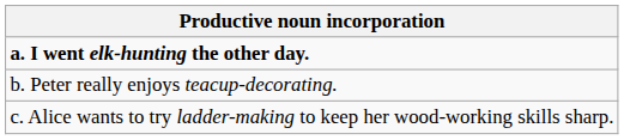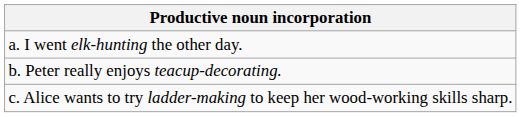 <table class="wikitable">
 <tr>
 <th>Productive noun incorporation</th>
 </tr>
 <tr>
-<td><strong>a. I went <em>elk-hunting</em> the other day.</strong></td>
+<td>a. I went <em>elk-hunting</em> the other day.</td>
 </tr>
 <tr>
 <td>b. Peter really enjoys <em>teacup-decorating.</em></td>
 </tr>
 <tr>
 <td>c. Alice wants to try <em>ladder-making</em> to keep her wood-working skills sharp.</td>
 </tr>
 </table>
